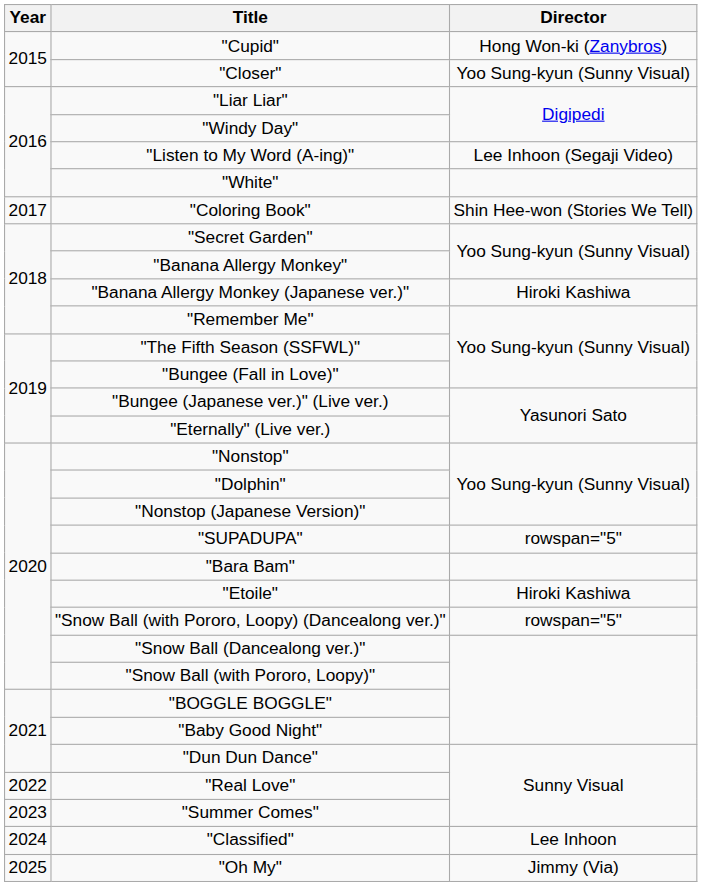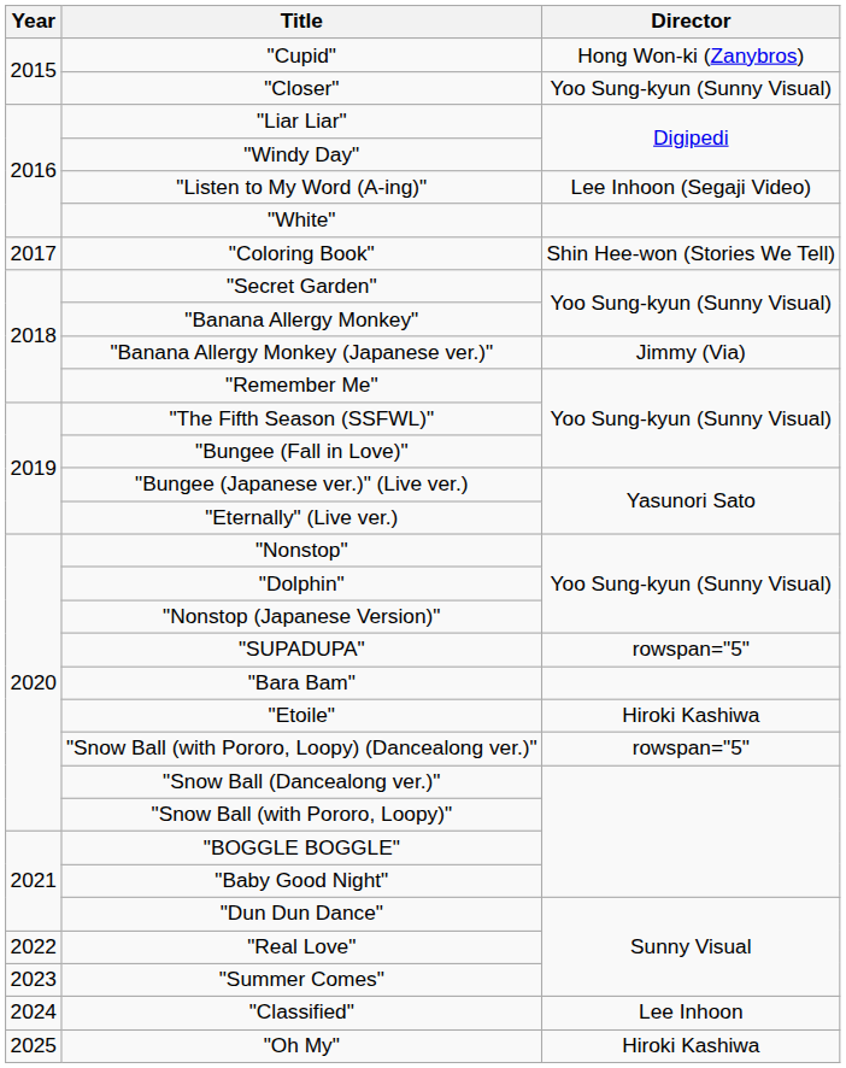 <table class="wikitable" style="text-align:center">
 <tr>
 <th scope="col">Year</th>
 <th scope="col">Title</th>
 <th scope="col">Director</th>
 </tr>
 <tr>
 <td rowspan="2">2015</td>
 <td>"Cupid"</td>
 <td>Hong Won-ki (<a href='#'>Zanybros</a>)</td>
 </tr>
 <tr>
 <td>"Closer"</td>
 <td>Yoo Sung-kyun (Sunny Visual)</td>
 </tr>
 <tr>
 <td rowspan="4">2016</td>
 <td>"Liar Liar"</td>
 <td rowspan="2"><a href='#'>Digipedi</a></td>
 </tr>
 <tr>
 <td>"Windy Day"</td>
 </tr>
 <tr>
 <td>"Listen to My Word (A-ing)"</td>
 <td>Lee Inhoon (Segaji Video)</td>
 </tr>
 <tr>
 <td>"White"</td>
 <td></td>
 </tr>
 <tr>
 <td>2017</td>
 <td>"Coloring Book"</td>
 <td>Shin Hee-won (Stories We Tell)</td>
 </tr>
 <tr>
 <td rowspan="4">2018</td>
 <td>"Secret Garden"</td>
 <td rowspan="2">Yoo Sung-kyun (Sunny Visual)</td>
 </tr>
 <tr>
 <td>"Banana Allergy Monkey"</td>
 </tr>
 <tr>
 <td>"Banana Allergy Monkey (Japanese ver.)"</td>
-<td>Hiroki Kashiwa</td>
+<td>Jimmy (Via)</td>
 </tr>
 <tr>
 <td>"Remember Me"</td>
 <td rowspan="3">Yoo Sung-kyun (Sunny Visual)</td>
 </tr>
 <tr>
 <td rowspan="4">2019</td>
 <td>"The Fifth Season (SSFWL)"</td>
 </tr>
 <tr>
 <td>"Bungee (Fall in Love)"</td>
 </tr>
 <tr>
 <td>"Bungee (Japanese ver.)" (Live ver.)</td>
 <td rowspan="2">Yasunori Sato</td>
 </tr>
 <tr>
 <td>"Eternally" (Live ver.)</td>
 </tr>
 <tr>
 <td rowspan="9">2020</td>
 <td>"Nonstop"</td>
 <td rowspan="3">Yoo Sung-kyun (Sunny Visual)</td>
 </tr>
 <tr>
 <td>"Dolphin"</td>
 </tr>
 <tr>
 <td>"Nonstop (Japanese Version)"</td>
 </tr>
 <tr>
 <td>"SUPADUPA"</td>
 <td>rowspan="5" </td>
 </tr>
 <tr>
 <td>"Bara Bam"</td>
 <td></td>
 </tr>
 <tr>
 <td>"Etoile"</td>
 <td>Hiroki Kashiwa</td>
 </tr>
 <tr>
 <td>"Snow Ball (with Pororo, Loopy) (Dancealong ver.)"</td>
 <td>rowspan="5" </td>
 </tr>
 <tr>
 <td>"Snow Ball (Dancealong ver.)"</td>
 </tr>
 <tr>
 <td>"Snow Ball (with Pororo, Loopy)"</td>
 </tr>
 <tr>
 <td rowspan="3">2021</td>
 <td>"BOGGLE BOGGLE"</td>
 </tr>
 <tr>
 <td>"Baby Good Night"</td>
 </tr>
 <tr>
 <td>"Dun Dun Dance"</td>
 <td rowspan="3">Sunny Visual</td>
 </tr>
 <tr>
 <td>2022</td>
 <td>"Real Love"</td>
 </tr>
 <tr>
 <td>2023</td>
 <td>"Summer Comes"</td>
 </tr>
 <tr>
 <td>2024</td>
 <td>"Classified"</td>
 <td>Lee Inhoon</td>
 </tr>
 <tr>
 <td>2025</td>
 <td>"Oh My"</td>
-<td>Jimmy (Via)</td>
+<td>Hiroki Kashiwa</td>
 </tr>
 </table>
